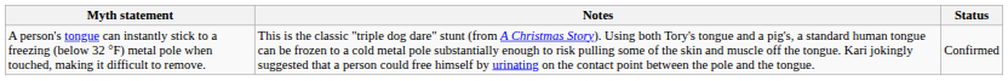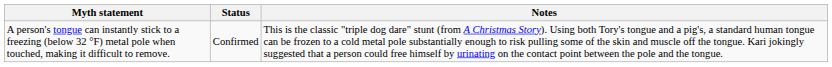 <table class="wikitable plainrowheaders">
 <tr>
 <th>Myth statement</th>
+<th>Status</th>
 <th>Notes</th>
-<th>Status</th>
 </tr>
 <tr>
 <td>A person's <a href='#'>tongue</a> can instantly stick to a freezing (below 32 °F) metal pole when touched, making it difficult to remove.</td>
+<td><span>Confirmed</span></td>
 <td>This is the classic "triple dog dare" stunt (from <em><a href='#'>A Christmas Story</a></em>). Using both Tory's tongue and a pig's, a standard human tongue can be frozen to a cold metal pole substantially enough to risk pulling some of the skin and muscle off the tongue. Kari jokingly suggested that a person could free himself by <a href='#'>urinating</a> on the contact point between the pole and the tongue.</td>
-<td><span>Confirmed</span></td>
 </tr>
 </table>
